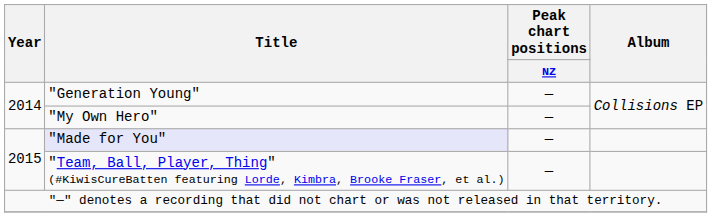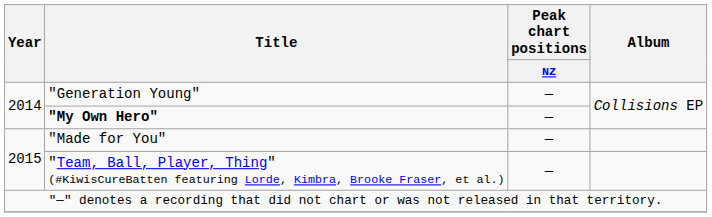 <table class="wikitable">
 <tr>
 <th rowspan="2"  width="1em">Year</th>
 <th rowspan="2">Title</th>
 <th width="3em">Peak chart positions</th>
 <th rowspan="2">Album</th>
 </tr>
 <tr>
 <th><small><a href='#'>NZ</a></small><br></th>
 </tr>
 <tr>
 <td rowspan="2">2014</td>
 <td>"Generation Young"</td>
 <td align="center">—</td>
 <td rowspan="2"><em>Collisions</em> EP</td>
 </tr>
 <tr>
-<td>"My Own Hero"</td>
+<td><strong>"My Own Hero"</strong></td>
 <td align="center">—</td>
 </tr>
 <tr>
 <td rowspan="2">2015</td>
-<td style="background: lavender;">"Made for You"</td>
+<td>"Made for You"</td>
 <td align="center">—</td>
 <td></td>
 </tr>
 <tr>
 <td>"<a href='#'>Team, Ball, Player, Thing</a>"<br><small>(#KiwisCureBatten featuring <a href='#'>Lorde</a>, <a href='#'>Kimbra</a>, <a href='#'>Brooke Fraser</a>, et al.)</small></td>
 <td align="center">—</td>
 <td></td>
 </tr>
 <tr>
 <td colspan="4" style="font-size:90%" align="center">"—" denotes a recording that did not chart or was not released in that territory.</td>
 </tr>
 <tr>
 </tr>
 </table>
